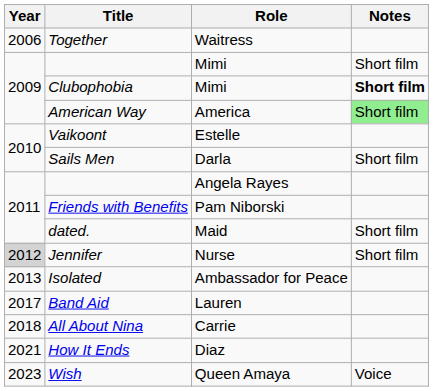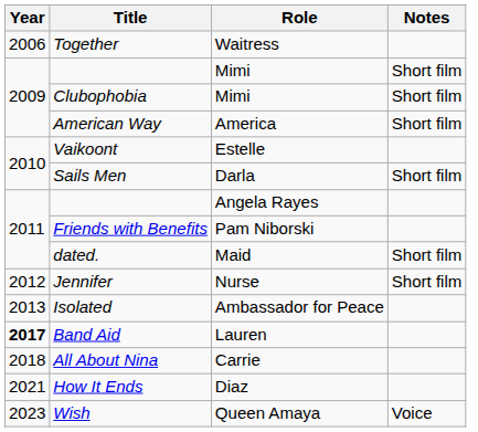 <table class="wikitable sortable">
 <tr>
 <th>Year</th>
 <th>Title</th>
 <th>Role</th>
 <th class="unsortable">Notes</th>
 </tr>
 <tr>
 <td>2006</td>
 <td><em>Together</em></td>
 <td>Waitress</td>
 <td></td>
 </tr>
 <tr>
 <td rowspan="3">2009</td>
 <td><em></em></td>
 <td>Mimi</td>
 <td>Short film</td>
 </tr>
 <tr>
 <td><em>Clubophobia</em></td>
 <td>Mimi</td>
-<td><strong>Short film</strong></td>
+<td>Short film</td>
 </tr>
 <tr>
 <td><em>American Way</em></td>
 <td>America</td>
-<td style="background: lightgreen;">Short film</td>
+<td>Short film</td>
 </tr>
 <tr>
 <td rowspan="2">2010</td>
 <td><em>Vaikoont</em></td>
 <td>Estelle</td>
 <td></td>
 </tr>
 <tr>
 <td><em>Sails Men</em></td>
 <td>Darla</td>
 <td>Short film</td>
 </tr>
 <tr>
 <td rowspan="3">2011</td>
 <td><em></em></td>
 <td>Angela Rayes</td>
 <td></td>
 </tr>
 <tr>
 <td><em><a href='#'>Friends with Benefits</a></em></td>
 <td>Pam Niborski</td>
 <td></td>
 </tr>
 <tr>
 <td><em>dated.</em></td>
 <td>Maid</td>
 <td>Short film</td>
 </tr>
 <tr>
-<td style="background: lightgrey;">2012</td>
+<td>2012</td>
 <td><em>Jennifer</em></td>
 <td>Nurse</td>
 <td>Short film</td>
 </tr>
 <tr>
 <td>2013</td>
 <td><em>Isolated</em></td>
 <td>Ambassador for Peace</td>
 <td></td>
 </tr>
 <tr>
-<td>2017</td>
+<td><strong>2017</strong></td>
 <td><em><a href='#'>Band Aid</a></em></td>
 <td>Lauren</td>
 <td></td>
 </tr>
 <tr>
 <td>2018</td>
 <td><em><a href='#'>All About Nina</a></em></td>
 <td>Carrie</td>
 <td></td>
 </tr>
 <tr>
 <td>2021</td>
 <td><em><a href='#'>How It Ends</a></em></td>
 <td>Diaz</td>
 <td></td>
 </tr>
 <tr>
 <td>2023</td>
 <td><em><a href='#'>Wish</a></em></td>
 <td>Queen Amaya</td>
 <td>Voice</td>
 </tr>
 </table>
